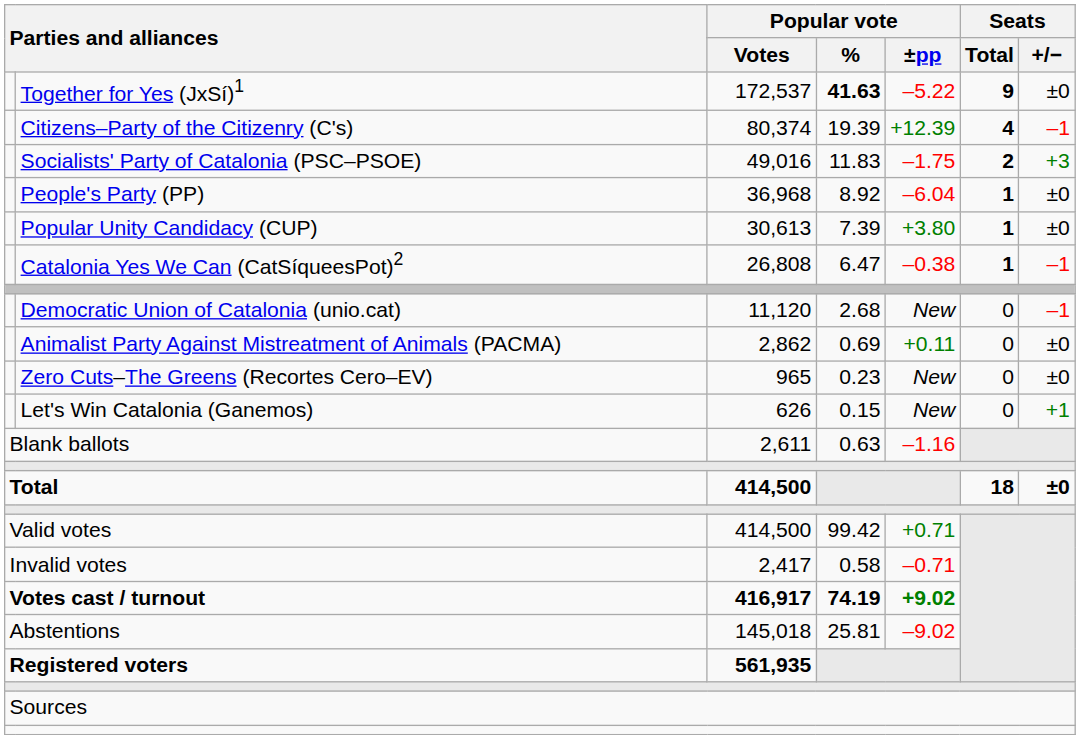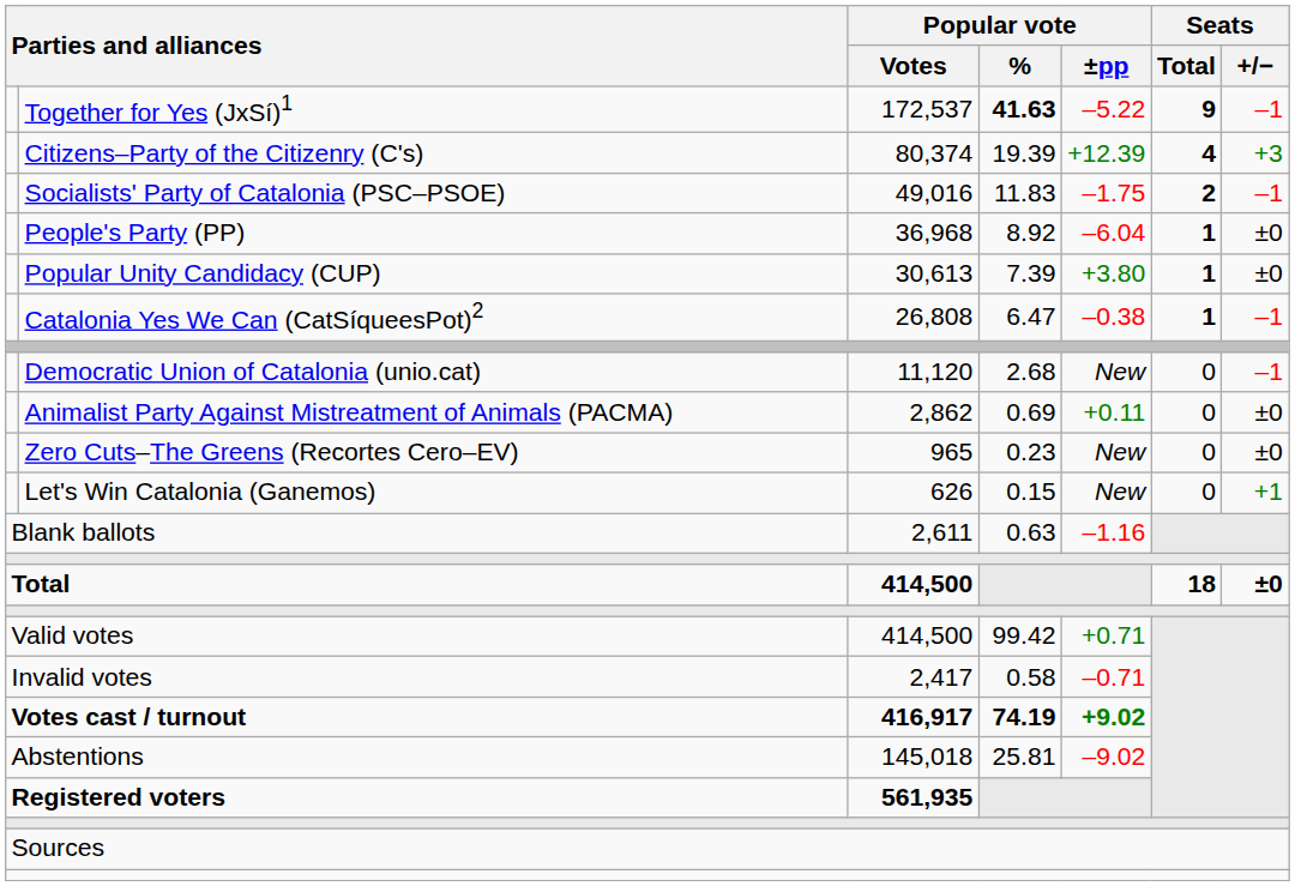 <table class="wikitable" style="text-align:right;">
 <tr>
 <th style="text-align:left;" rowspan="2" colspan="2" width="525">Parties and alliances</th>
 <th colspan="3">Popular vote</th>
 <th colspan="2">Seats</th>
 </tr>
 <tr>
 <th width="75">Votes</th>
 <th width="45">%</th>
 <th width="45">±<a href='#'>pp</a></th>
 <th width="35">Total</th>
 <th width="35">+/−</th>
 </tr>
 <tr>
 <td width="1" style="color:inherit;background:"></td>
 <td align="left"><a href='#'>Together for Yes</a> (JxSí)<sup>1</sup></td>
 <td>172,537</td>
 <td><strong>41.63</strong></td>
 <td style="color:red;">–5.22</td>
 <td><strong>9</strong></td>
-<td>±0</td>
+<td style="color:red;">–1</td>
 </tr>
 <tr>
 <td style="color:inherit;background:"></td>
 <td align="left"><a href='#'>Citizens–Party of the Citizenry</a> (C's)</td>
 <td>80,374</td>
 <td>19.39</td>
 <td style="color:green;">+12.39</td>
 <td><strong>4</strong></td>
-<td style="color:red;">–1</td>
+<td style="color:green;">+3</td>
 </tr>
 <tr>
 <td style="color:inherit;background:"></td>
 <td align="left"><a href='#'>Socialists' Party of Catalonia</a> (PSC–PSOE)</td>
 <td>49,016</td>
 <td>11.83</td>
 <td style="color:red;">–1.75</td>
 <td><strong>2</strong></td>
-<td style="color:green;">+3</td>
+<td style="color:red;">–1</td>
 </tr>
 <tr>
 <td style="color:inherit;background:"></td>
 <td align="left"><a href='#'>People's Party</a> (PP)</td>
 <td>36,968</td>
 <td>8.92</td>
 <td style="color:red;">–6.04</td>
 <td><strong>1</strong></td>
 <td>±0</td>
 </tr>
 <tr>
 <td style="color:inherit;background:"></td>
 <td align="left"><a href='#'>Popular Unity Candidacy</a> (CUP)</td>
 <td>30,613</td>
 <td>7.39</td>
 <td style="color:green;">+3.80</td>
 <td><strong>1</strong></td>
 <td>±0</td>
 </tr>
 <tr>
 <td style="color:inherit;background:"></td>
 <td align="left"><a href='#'>Catalonia Yes We Can</a> (CatSíqueesPot)<sup>2</sup></td>
 <td>26,808</td>
 <td>6.47</td>
 <td style="color:red;">–0.38</td>
 <td><strong>1</strong></td>
 <td style="color:red;">–1</td>
 </tr>
 <tr>
 <td colspan="7" bgcolor="#C0C0C0"></td>
 </tr>
 <tr>
 <td style="color:inherit;background:"></td>
 <td align="left"><a href='#'>Democratic Union of Catalonia</a> (unio.cat)</td>
 <td>11,120</td>
 <td>2.68</td>
 <td><em>New</em></td>
 <td>0</td>
 <td style="color:red;">–1</td>
 </tr>
 <tr>
 <td style="color:inherit;background:"></td>
 <td align="left"><a href='#'>Animalist Party Against Mistreatment of Animals</a> (PACMA)</td>
 <td>2,862</td>
 <td>0.69</td>
 <td style="color:green;">+0.11</td>
 <td>0</td>
 <td>±0</td>
 </tr>
 <tr>
 <td style="color:inherit;background:"></td>
 <td align="left"><a href='#'>Zero Cuts</a>–<a href='#'>The Greens</a> (Recortes Cero–EV)</td>
 <td>965</td>
 <td>0.23</td>
 <td><em>New</em></td>
 <td>0</td>
 <td>±0</td>
 </tr>
 <tr>
 <td style="color:inherit;background:"></td>
 <td align="left">Let's Win Catalonia (Ganemos)</td>
 <td>626</td>
 <td>0.15</td>
 <td><em>New</em></td>
 <td>0</td>
 <td style="color:green;">+1</td>
 </tr>
 <tr>
 <td align="left" colspan="2">Blank ballots</td>
 <td>2,611</td>
 <td>0.63</td>
 <td style="color:red;">–1.16</td>
 <td bgcolor="#E9E9E9" colspan="2"></td>
 </tr>
 <tr>
 <td colspan="7" bgcolor="#E9E9E9"></td>
 </tr>
 <tr style="font-weight:bold;">
 <td align="left" colspan="2">Total</td>
 <td>414,500</td>
 <td bgcolor="#E9E9E9" colspan="2"></td>
 <td>18</td>
 <td>±0</td>
 </tr>
 <tr>
 <td colspan="7" bgcolor="#E9E9E9"></td>
 </tr>
 <tr>
 <td align="left" colspan="2">Valid votes</td>
 <td>414,500</td>
 <td>99.42</td>
 <td style="color:green;">+0.71</td>
 <td bgcolor="#E9E9E9" colspan="2" rowspan="5"></td>
 </tr>
 <tr>
 <td align="left" colspan="2">Invalid votes</td>
 <td>2,417</td>
 <td>0.58</td>
 <td style="color:red;">–0.71</td>
 </tr>
 <tr style="font-weight:bold;">
 <td align="left" colspan="2">Votes cast / turnout</td>
 <td>416,917</td>
 <td>74.19</td>
 <td style="color:green;">+9.02</td>
 </tr>
 <tr>
 <td align="left" colspan="2">Abstentions</td>
 <td>145,018</td>
 <td>25.81</td>
 <td style="color:red;">–9.02</td>
 </tr>
 <tr style="font-weight:bold;">
 <td align="left" colspan="2">Registered voters</td>
 <td>561,935</td>
 <td bgcolor="#E9E9E9" colspan="2"></td>
 </tr>
 <tr>
 <td colspan="7" bgcolor="#E9E9E9"></td>
 </tr>
 <tr>
 <td align="left" colspan="7">Sources</td>
 </tr>
 <tr>
 <td colspan="7" style="text-align:left; max-width:790px;"></td>
 </tr>
 </table>
